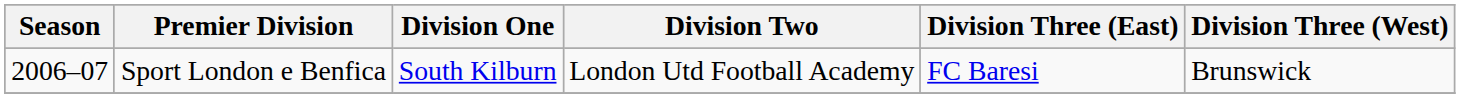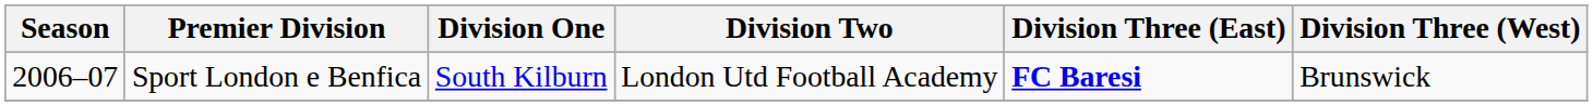 <table class="wikitable">
 <tr>
 <th><strong>Season</strong></th>
 <th><strong>Premier Division</strong></th>
 <th><strong>Division One</strong></th>
 <th><strong>Division Two</strong></th>
 <th><strong>Division Three (East)</strong></th>
 <th><strong>Division Three (West)</strong></th>
 </tr>
 <tr>
 <td>2006–07</td>
 <td>Sport London e Benfica</td>
 <td><a href='#'>South Kilburn</a></td>
 <td>London Utd Football Academy</td>
-<td><a href='#'>FC Baresi</a></td>
+<td><strong><a href='#'>FC Baresi</a></strong></td>
 <td>Brunswick</td>
 </tr>
 <tr>
 </tr>
 </table>
